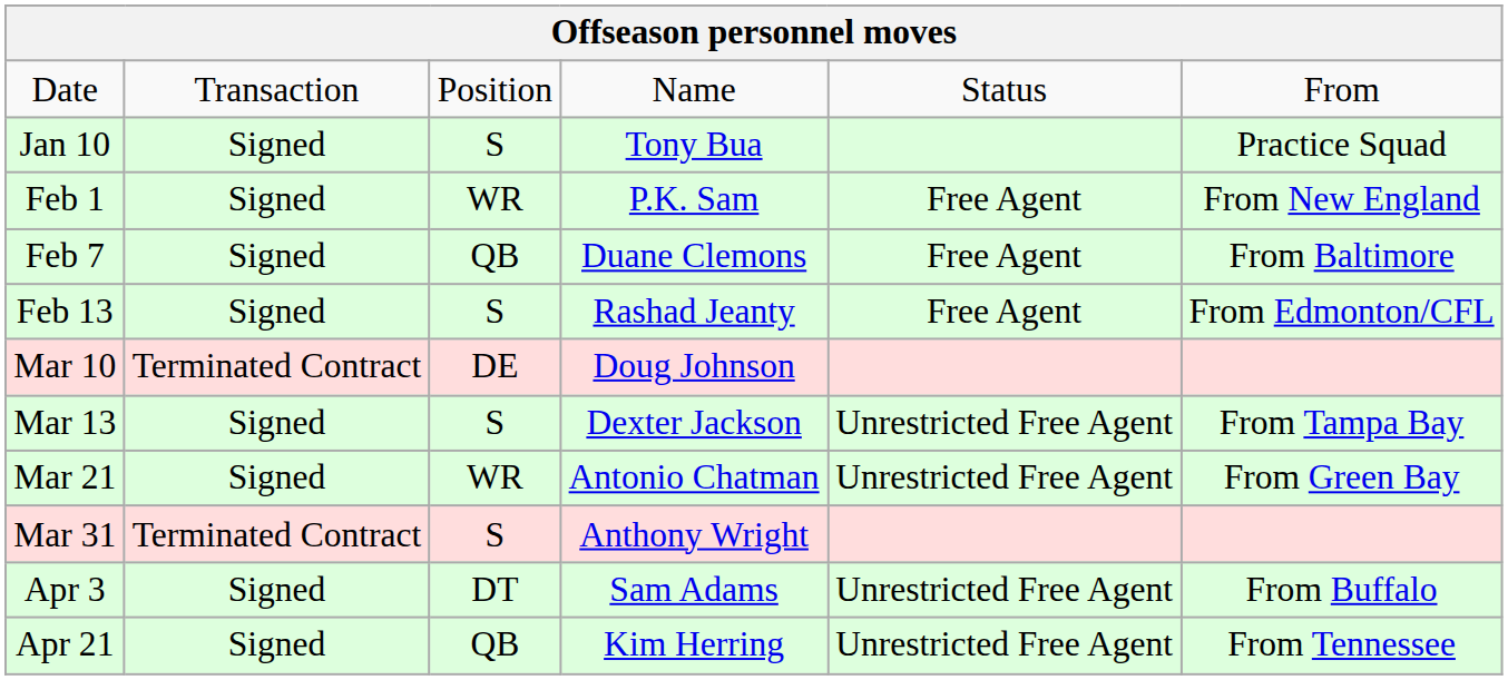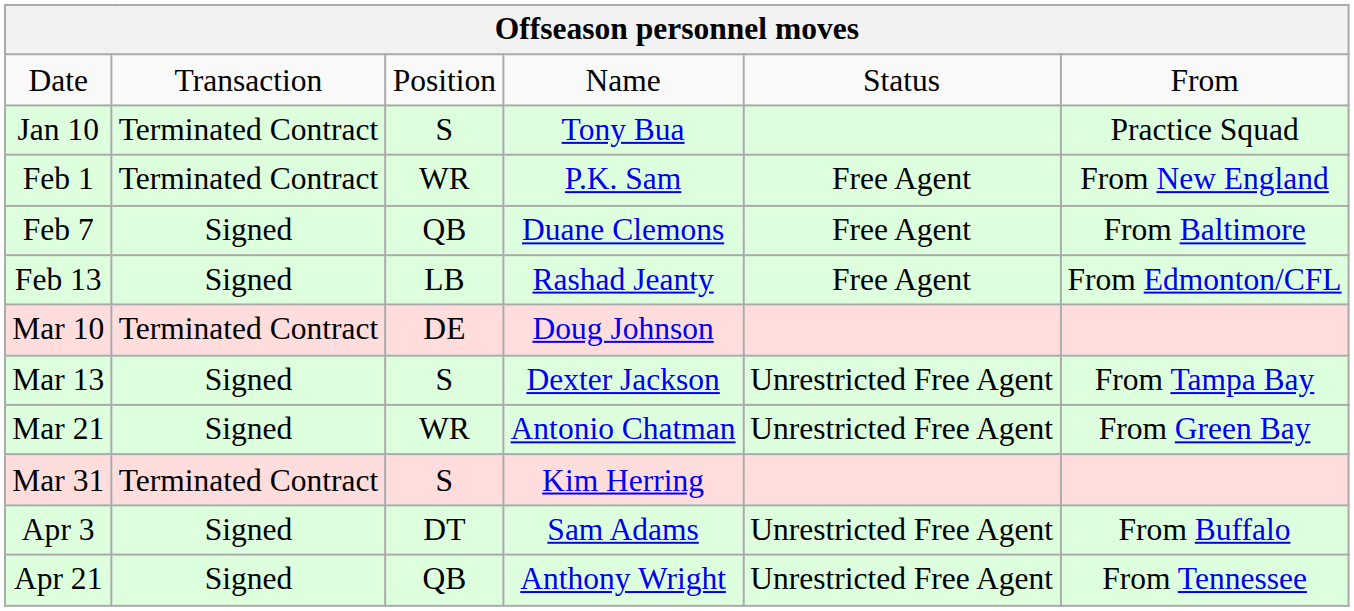 <table class="wikitable">
 <tr>
 <th colspan="60">Offseason personnel moves</th>
 </tr>
 <tr style="text-align:center;">
 <td>Date</td>
 <td>Transaction</td>
 <td>Position</td>
 <td>Name</td>
 <td>Status</td>
 <td>From</td>
 </tr>
 <tr style="text-align:center; background:#dfd;">
 <td>Jan 10</td>
-<td>Signed</td>
+<td>Terminated Contract</td>
 <td>S</td>
 <td><a href='#'>Tony Bua</a></td>
 <td></td>
 <td>Practice Squad</td>
 </tr>
 <tr style="text-align:center; background:#dfd;">
 <td>Feb 1</td>
-<td>Signed</td>
+<td>Terminated Contract</td>
 <td>WR</td>
 <td><a href='#'>P.K. Sam</a></td>
 <td>Free Agent</td>
 <td>From <a href='#'>New England</a></td>
 </tr>
 <tr style="text-align:center; background:#dfd;">
 <td>Feb 7</td>
 <td>Signed</td>
 <td>QB</td>
 <td><a href='#'>Duane Clemons</a></td>
 <td>Free Agent</td>
 <td>From <a href='#'>Baltimore</a></td>
 </tr>
 <tr style="text-align:center; background:#dfd;">
 <td>Feb 13</td>
 <td>Signed</td>
-<td>S</td>
+<td>LB</td>
 <td><a href='#'>Rashad Jeanty</a></td>
 <td>Free Agent</td>
 <td>From <a href='#'>Edmonton/CFL</a></td>
 </tr>
 <tr style="text-align:center; background:#fdd;">
 <td>Mar 10</td>
 <td>Terminated Contract</td>
 <td>DE</td>
 <td><a href='#'>Doug Johnson</a></td>
 <td></td>
 <td></td>
 </tr>
 <tr style="text-align:center; background:#dfd;">
 <td>Mar 13</td>
 <td>Signed</td>
 <td>S</td>
 <td><a href='#'>Dexter Jackson</a></td>
 <td>Unrestricted Free Agent</td>
 <td>From <a href='#'>Tampa Bay</a></td>
 </tr>
 <tr style="text-align:center; background:#dfd;">
 <td>Mar 21</td>
 <td>Signed</td>
 <td>WR</td>
 <td><a href='#'>Antonio Chatman</a></td>
 <td>Unrestricted Free Agent</td>
 <td>From <a href='#'>Green Bay</a></td>
 </tr>
 <tr style="text-align:center; background:#fdd;">
 <td>Mar 31</td>
 <td>Terminated Contract</td>
 <td>S</td>
-<td><a href='#'>Anthony Wright</a></td>
+<td><a href='#'>Kim Herring</a></td>
 <td></td>
 <td></td>
 </tr>
 <tr style="text-align:center; background:#dfd;">
 <td>Apr 3</td>
 <td>Signed</td>
 <td>DT</td>
 <td><a href='#'>Sam Adams</a></td>
 <td>Unrestricted Free Agent</td>
 <td>From <a href='#'>Buffalo</a></td>
 </tr>
 <tr style="text-align:center; background:#dfd;">
 <td>Apr 21</td>
 <td>Signed</td>
 <td>QB</td>
-<td><a href='#'>Kim Herring</a></td>
+<td><a href='#'>Anthony Wright</a></td>
 <td>Unrestricted Free Agent</td>
 <td>From <a href='#'>Tennessee</a></td>
 </tr>
 </table>
